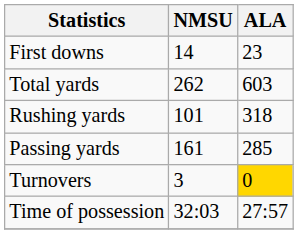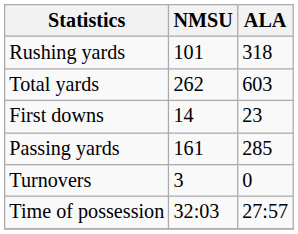 <table class="wikitable">
 <tr>
 <th>Statistics</th>
 <th>NMSU</th>
 <th>ALA</th>
 </tr>
 <tr>
-<td>First downs</td>
-<td>14</td>
-<td>23</td>
+<td>Rushing yards</td>
+<td>101</td>
+<td>318</td>
 </tr>
 <tr>
 <td>Total yards</td>
 <td>262</td>
 <td>603</td>
 </tr>
 <tr>
-<td>Rushing yards</td>
-<td>101</td>
-<td>318</td>
+<td>First downs</td>
+<td>14</td>
+<td>23</td>
 </tr>
 <tr>
 <td>Passing yards</td>
 <td>161</td>
 <td>285</td>
 </tr>
 <tr>
 <td>Turnovers</td>
 <td>3</td>
-<td style="background: gold;">0</td>
+<td>0</td>
 </tr>
 <tr>
 <td>Time of possession</td>
 <td>32:03</td>
 <td>27:57</td>
 </tr>
 <tr>
 </tr>
 </table>
